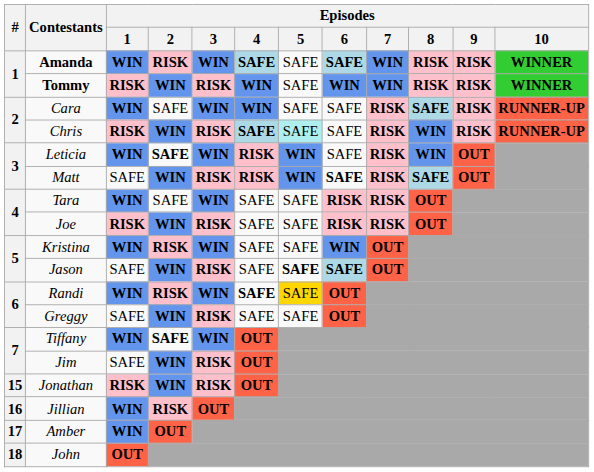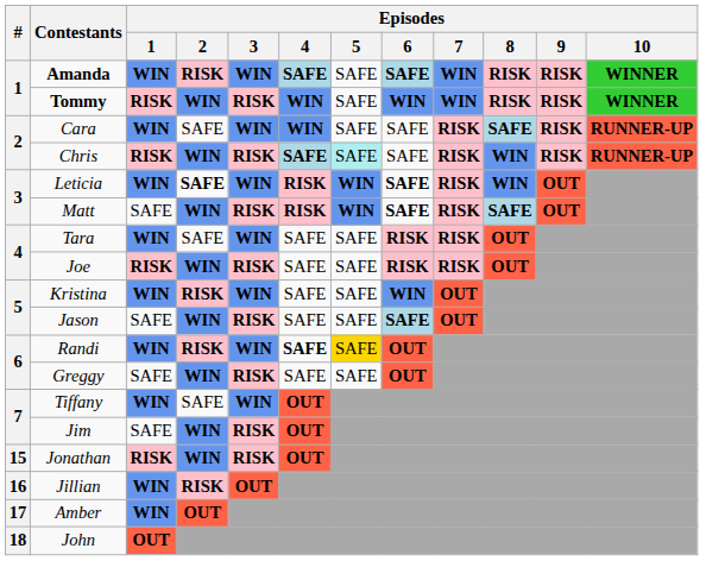 <table class="wikitable" style="text-align:center">
 <tr>
 <th rowspan=2>#</th>
 <th rowspan=2>Contestants</th>
 <th colspan=10>Episodes</th>
 </tr>
 <tr>
 <th>1</th>
 <th>2</th>
 <th>3</th>
 <th>4</th>
 <th>5</th>
 <th>6</th>
 <th>7</th>
 <th>8</th>
 <th>9</th>
 <th>10</th>
 </tr>
 <tr>
 <th rowspan=2>1</th>
 <td><strong>Amanda</strong></td>
 <td style="background:cornflowerblue;"><strong>WIN </strong></td>
 <td style="background:pink;"><strong>RISK</strong></td>
 <td style="background:cornflowerblue;"><strong>WIN</strong></td>
 <td style="background:lightblue;"><strong>SAFE</strong></td>
 <td>SAFE</td>
 <td style="background:lightblue;"><strong>SAFE </strong></td>
 <td style="background:cornflowerblue;"><strong>WIN</strong></td>
 <td style="background:pink;"><strong>RISK</strong></td>
 <td style="background:pink;"><strong>RISK</strong></td>
 <td style="background:limegreen;"><strong>WINNER</strong></td>
 </tr>
 <tr>
 <td><strong>Tommy</strong></td>
 <td style="background:pink;"><strong>RISK</strong></td>
 <td style="background:cornflowerblue;"><strong>WIN</strong></td>
 <td style="background:pink;"><strong>RISK</strong></td>
 <td style="background:cornflowerblue;"><strong>WIN</strong></td>
 <td>SAFE</td>
 <td style="background:cornflowerblue;"><strong>WIN</strong></td>
 <td style="background:cornflowerblue;"><strong>WIN </strong></td>
 <td style="background:pink;"><strong>RISK </strong></td>
 <td style="background:pink;"><strong>RISK</strong></td>
 <td style="background:limegreen;"><strong>WINNER</strong></td>
 </tr>
 <tr>
 <th rowspan=2>2</th>
 <td><em>Cara</em></td>
 <td style="background:cornflowerblue;"><strong>WIN</strong></td>
 <td>SAFE</td>
 <td style="background:cornflowerblue;"><strong>WIN</strong></td>
 <td style="background:cornflowerblue;"><strong>WIN</strong></td>
 <td>SAFE</td>
 <td>SAFE</td>
 <td style="background:pink;"><strong>RISK</strong></td>
 <td style="background:lightblue;"><strong>SAFE</strong></td>
 <td style="background:pink;"><strong>RISK</strong></td>
 <td style="background:tomato;"><strong>RUNNER-UP</strong></td>
 </tr>
 <tr>
 <td><em>Chris</em></td>
 <td style="background:pink;"><strong>RISK</strong></td>
 <td style="background:cornflowerblue;"><strong>WIN</strong></td>
 <td style="background:pink;"><strong>RISK</strong></td>
 <td style="background:lightblue;"><strong>SAFE</strong></td>
 <td style="background: paleturquoise;">SAFE</td>
 <td>SAFE</td>
 <td style="background:pink;"><strong>RISK </strong></td>
 <td style="background:cornflowerblue;"><strong>WIN</strong></td>
 <td style="background:pink;"><strong>RISK</strong></td>
 <td style="background:tomato;"><strong>RUNNER-UP</strong></td>
 </tr>
 <tr>
 <th rowspan=2>3</th>
 <td><em>Leticia</em></td>
 <td style="background:cornflowerblue;"><strong>WIN</strong></td>
 <td><strong>SAFE</strong></td>
 <td style="background:cornflowerblue;"><strong>WIN </strong></td>
 <td style="background:pink;"><strong>RISK</strong></td>
 <td style="background:cornflowerblue;"><strong>WIN </strong></td>
-<td>SAFE</td>
+<td><strong>SAFE</strong></td>
 <td style="background:pink;"><strong>RISK</strong></td>
 <td style="background:cornflowerblue;"><strong>WIN</strong></td>
 <td style="background:tomato;"><strong>OUT</strong></td>
 <td style="background:darkgray;"></td>
 </tr>
 <tr>
 <td><em>Matt</em></td>
 <td>SAFE</td>
 <td style="background:cornflowerblue;"><strong>WIN</strong></td>
 <td style="background:pink;"><strong>RISK</strong></td>
 <td style="background:pink;"><strong>RISK</strong></td>
 <td style="background:cornflowerblue;"><strong>WIN</strong></td>
 <td><strong>SAFE</strong></td>
 <td style="background:pink;"><strong>RISK</strong></td>
 <td style="background:lightblue;"><strong>SAFE</strong></td>
 <td style="background:tomato;"><strong>OUT</strong></td>
 <td style="background:darkgray;"></td>
 </tr>
 <tr>
 <th rowspan=2>4</th>
 <td><em>Tara</em></td>
 <td style="background:cornflowerblue;"><strong>WIN</strong></td>
 <td>SAFE</td>
 <td style="background:cornflowerblue;"><strong>WIN</strong></td>
 <td>SAFE</td>
 <td>SAFE</td>
 <td style="background:pink;"><strong>RISK</strong></td>
 <td style="background:pink;"><strong>RISK</strong></td>
 <td style="background:tomato;"><strong>OUT</strong></td>
 <td style="background:darkgray;" colspan="4"></td>
 </tr>
 <tr>
 <td><em>Joe</em></td>
 <td style="background:pink;"><strong>RISK</strong></td>
 <td style="background:cornflowerblue;"><strong>WIN</strong></td>
 <td style="background:pink;"><strong>RISK</strong></td>
 <td>SAFE</td>
 <td>SAFE</td>
 <td style="background:pink;"><strong>RISK</strong></td>
 <td style="background:pink;"><strong>RISK</strong></td>
 <td style="background:tomato;"><strong>OUT</strong></td>
 <td style="background:darkgray;" colspan="4"></td>
 </tr>
 <tr>
 <th rowspan=2>5</th>
 <td><em>Kristina</em></td>
 <td style="background:cornflowerblue;"><strong>WIN</strong></td>
 <td style="background:pink;"><strong>RISK</strong></td>
 <td style="background:cornflowerblue;"><strong>WIN</strong></td>
 <td>SAFE</td>
 <td>SAFE</td>
 <td style="background:cornflowerblue;"><strong>WIN</strong></td>
 <td style="background:tomato;"><strong>OUT</strong></td>
 <td style="background:darkgray;" colspan="5"></td>
 </tr>
 <tr>
 <td><em>Jason</em></td>
 <td>SAFE</td>
 <td style="background:cornflowerblue;"><strong>WIN </strong></td>
 <td style="background:pink;"><strong>RISK</strong></td>
 <td>SAFE</td>
-<td><strong>SAFE</strong></td>
+<td>SAFE</td>
 <td style="background:lightblue;"><strong>SAFE</strong></td>
 <td style="background:tomato;"><strong>OUT</strong></td>
 <td style="background:darkgray;" colspan="5"></td>
 </tr>
 <tr>
 <th rowspan=2>6</th>
 <td><em>Randi</em></td>
 <td style="background:cornflowerblue;"><strong>WIN</strong></td>
 <td style="background:pink;"><strong>RISK</strong></td>
 <td style="background:cornflowerblue;"><strong>WIN</strong></td>
 <td><strong>SAFE</strong></td>
 <td style="background: gold;">SAFE</td>
 <td style="background:tomato;"><strong>OUT</strong></td>
 <td style="background:darkgray;" colspan="6"></td>
 </tr>
 <tr>
 <td><em>Greggy</em></td>
 <td>SAFE</td>
 <td style="background:cornflowerblue;"><strong>WIN</strong></td>
 <td style="background:pink;"><strong>RISK</strong></td>
 <td>SAFE</td>
 <td>SAFE</td>
 <td style="background:tomato;"><strong>OUT</strong></td>
 <td style="background:darkgray;" colspan="6"></td>
 </tr>
 <tr>
 <th rowspan=2>7</th>
 <td><em>Tiffany</em></td>
 <td style="background:cornflowerblue;"><strong>WIN</strong></td>
-<td><strong>SAFE</strong></td>
+<td>SAFE</td>
 <td style="background:cornflowerblue;"><strong>WIN </strong></td>
 <td style="background:tomato;"><strong>OUT</strong></td>
 <td style="background:darkgray;" colspan="7"></td>
 </tr>
 <tr>
 <td><em>Jim</em></td>
 <td>SAFE</td>
 <td style="background:cornflowerblue;"><strong>WIN</strong></td>
 <td style="background:pink;"><strong>RISK</strong></td>
 <td style="background:tomato;"><strong>OUT</strong></td>
 <td style="background:darkgray;" colspan="7"></td>
 </tr>
 <tr>
 <th rowspan>15</th>
 <td><em>Jonathan</em></td>
 <td style="background:pink;"><strong>RISK</strong></td>
 <td style="background:cornflowerblue;"><strong>WIN</strong></td>
 <td style="background:pink;"><strong>RISK</strong></td>
 <td style="background:tomato;"><strong>OUT</strong></td>
 <td style="background:darkgray;" colspan="10"></td>
 </tr>
 <tr>
 <th rowspan>16</th>
 <td><em>Jillian</em></td>
 <td style="background:cornflowerblue;"><strong>WIN</strong></td>
 <td style="background:pink;"><strong>RISK</strong></td>
 <td style="background:tomato;"><strong>OUT</strong></td>
 <td style="background:darkgray;" colspan="10"></td>
 </tr>
 <tr>
 <th rowspan>17</th>
 <td><em>Amber</em></td>
 <td style="background:cornflowerblue;"><strong>WIN</strong></td>
 <td style="background:tomato;"><strong>OUT</strong></td>
 <td style="background:darkgray;" colspan="10"></td>
 </tr>
 <tr>
 <th rowspan>18</th>
 <td><em>John</em></td>
 <td style="background:tomato;"><strong>OUT</strong></td>
 <td style="background:darkgray;" colspan="10"></td>
 </tr>
 </table>
